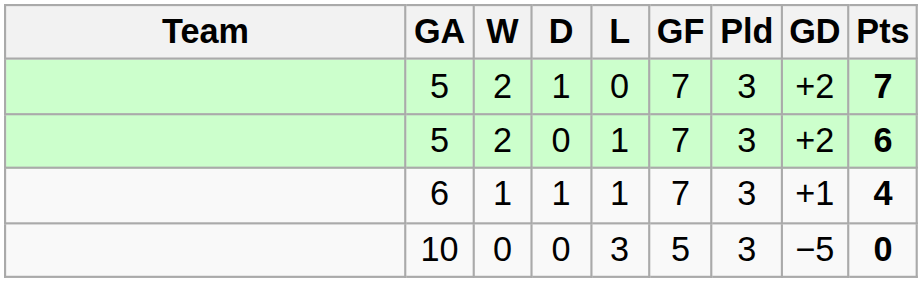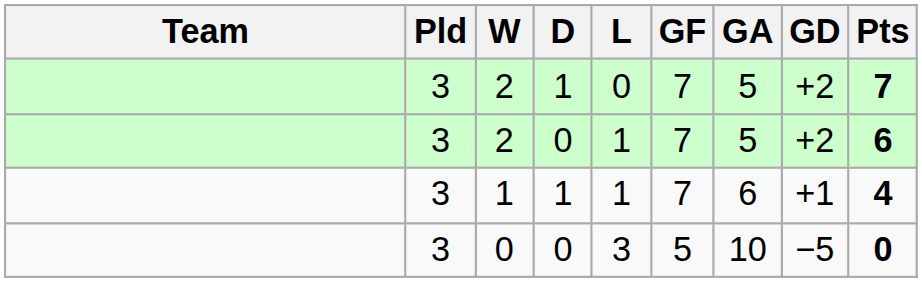 <table class="wikitable" style="text-align:center;">
 <tr>
 <th width=180>Team</th>
-<th width=20>GA</th>
+<th width=20>Pld</th>
 <th width=20>W</th>
 <th width=20>D</th>
 <th width=20>L</th>
 <th width=20>GF</th>
-<th width=20>Pld</th>
+<th width=20>GA</th>
 <th width=20>GD</th>
 <th width=20>Pts</th>
 </tr>
 <tr align=center style="background:#ccffcc;">
 <td style="text-align:left;"></td>
-<td>5</td>
+<td>3</td>
 <td>2</td>
 <td>1</td>
 <td>0</td>
 <td>7</td>
-<td>3</td>
+<td>5</td>
 <td>+2</td>
 <td><strong>7</strong></td>
 </tr>
 <tr align=center style="background:#ccffcc;">
 <td style="text-align:left;"></td>
-<td>5</td>
+<td>3</td>
 <td>2</td>
 <td>0</td>
 <td>1</td>
 <td>7</td>
-<td>3</td>
+<td>5</td>
 <td>+2</td>
 <td><strong>6</strong></td>
 </tr>
 <tr align=center>
 <td style="text-align:left;"></td>
-<td>6</td>
+<td>3</td>
 <td>1</td>
 <td>1</td>
 <td>1</td>
 <td>7</td>
-<td>3</td>
+<td>6</td>
 <td>+1</td>
 <td><strong>4</strong></td>
 </tr>
 <tr align=center>
 <td style="text-align:left;"></td>
-<td>10</td>
+<td>3</td>
 <td>0</td>
 <td>0</td>
 <td>3</td>
 <td>5</td>
-<td>3</td>
+<td>10</td>
 <td>−5</td>
 <td><strong>0</strong></td>
 </tr>
 </table>
